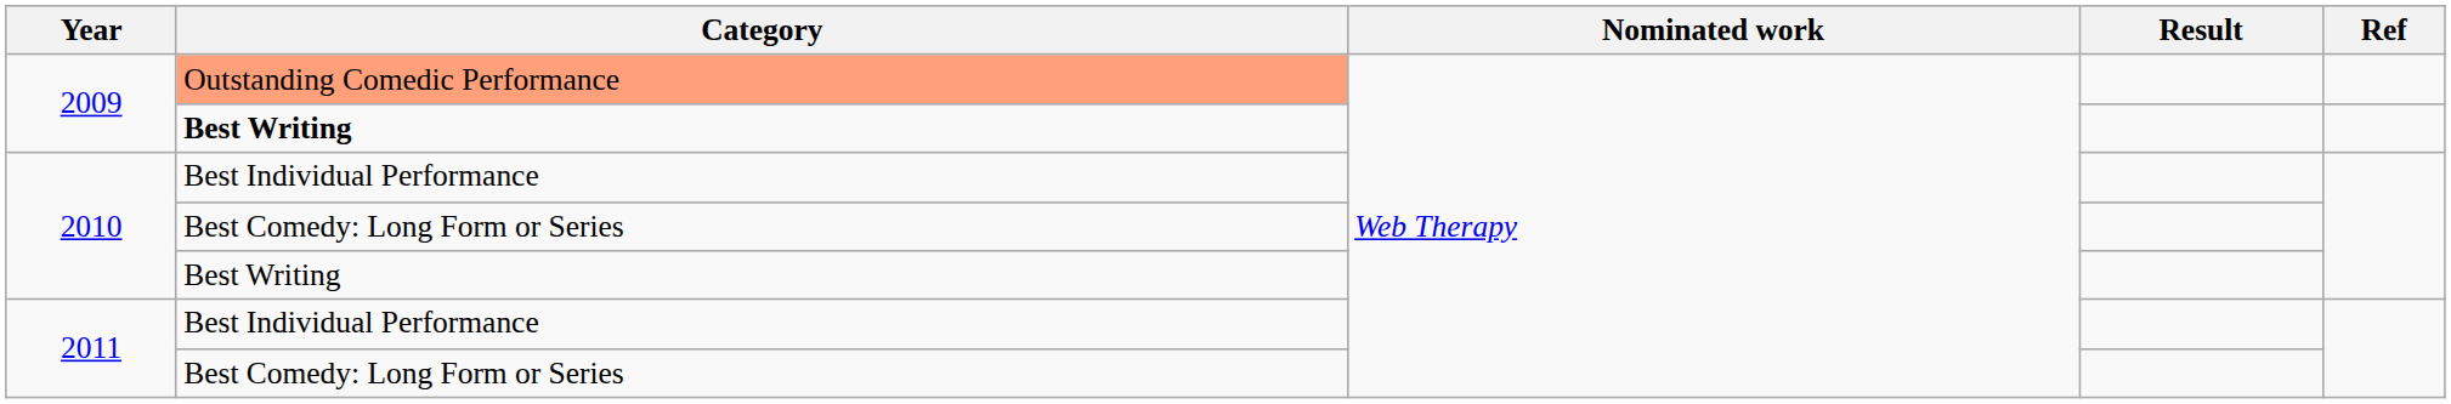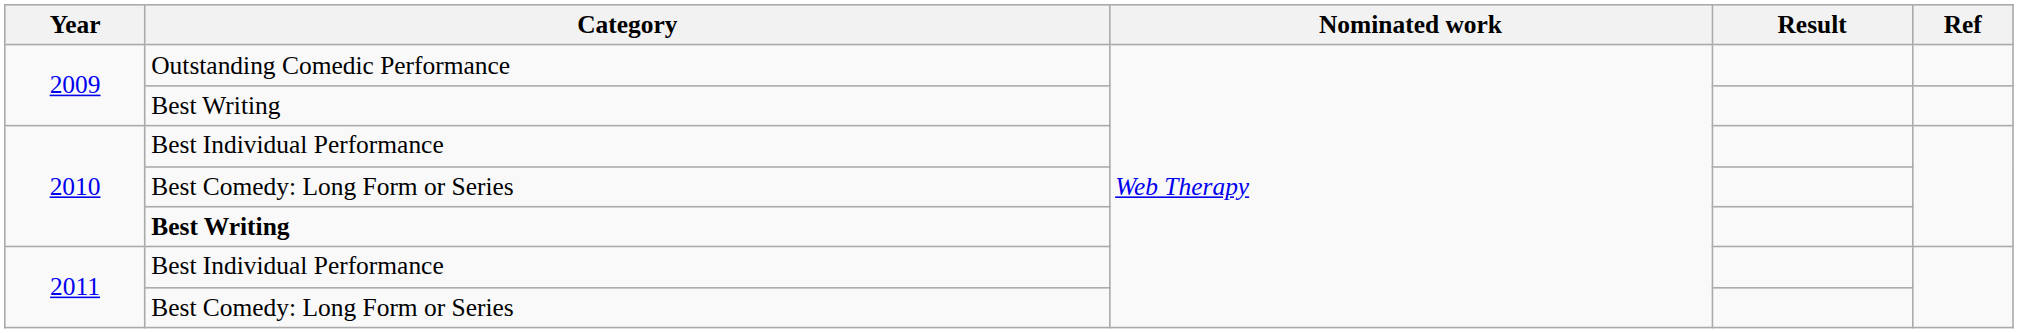 <table class="wikitable" width="100%">
 <tr>
 <th width="7%">Year</th>
 <th width="48%">Category</th>
 <th width="30%">Nominated work</th>
 <th width="10%">Result</th>
 <th width="5%">Ref</th>
 </tr>
 <tr>
 <td rowspan="2" align="center"><a href='#'>2009</a></td>
-<td style="background: lightsalmon;">Outstanding Comedic Performance</td>
+<td>Outstanding Comedic Performance</td>
 <td rowspan="7"><em><a href='#'>Web Therapy</a></em></td>
 <td></td>
 <td align="center"></td>
 </tr>
 <tr>
-<td><strong>Best Writing</strong></td>
+<td>Best Writing</td>
 <td></td>
 <td align="center"></td>
 </tr>
 <tr>
 <td rowspan="3" align="center"><a href='#'>2010</a></td>
 <td>Best Individual Performance</td>
 <td></td>
 <td rowspan="3" align="center"></td>
 </tr>
 <tr>
 <td>Best Comedy: Long Form or Series</td>
 <td></td>
 </tr>
 <tr>
-<td>Best Writing</td>
+<td><strong>Best Writing</strong></td>
 <td></td>
 </tr>
 <tr>
 <td rowspan="2" align="center"><a href='#'>2011</a></td>
 <td>Best Individual Performance</td>
 <td></td>
 <td rowspan="2" align="center"></td>
 </tr>
 <tr>
 <td>Best Comedy: Long Form or Series</td>
 <td></td>
 </tr>
 </table>
